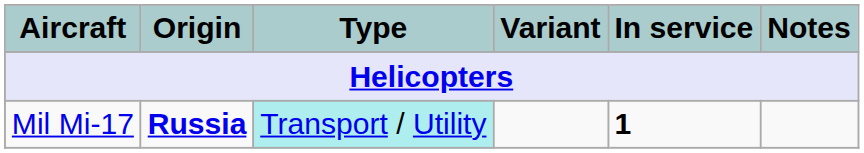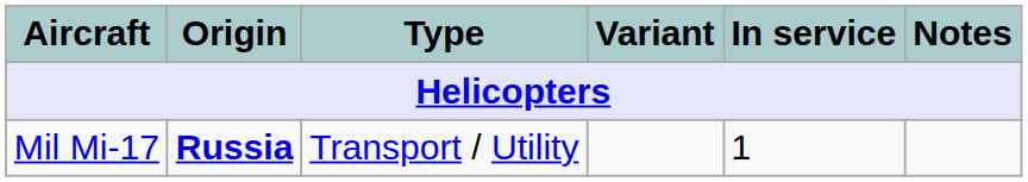 <table class="wikitable">
 <tr>
 <th style="text-align:center; background:#acc;">Aircraft</th>
 <th style="text-align: center; background:#acc;">Origin</th>
 <th style="text-align:l center; background:#acc;">Type</th>
 <th style="text-align:left; background:#acc;">Variant</th>
 <th style="text-align:center; background:#acc;">In service</th>
 <th style="text-align: center; background:#acc;">Notes</th>
 </tr>
 <tr>
 <th style="align: center; background: lavender;" colspan="7"><a href='#'>Helicopters</a></th>
 </tr>
 <tr>
 <td><a href='#'>Mil Mi-17</a></td>
 <td><strong><a href='#'>Russia</a></strong></td>
-<td style="background: paleturquoise;"><a href='#'>Transport</a> / <a href='#'>Utility</a></td>
+<td><a href='#'>Transport</a> / <a href='#'>Utility</a></td>
 <td></td>
-<td><strong>1</strong></td>
+<td>1</td>
 <td></td>
 </tr>
 </table>
